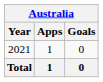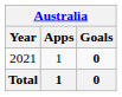 <table class="wikitable" style="text-align:center">
 <tr>
 <th colspan=3><a href='#'>Australia</a></th>
 </tr>
 <tr>
 <th>Year</th>
 <th>Apps</th>
 <th>Goals</th>
 </tr>
 <tr>
 <td>2021</td>
 <td>1</td>
-<td>0</td>
+<td><strong>0</strong></td>
 </tr>
 <tr>
 <th>Total</th>
 <th>1</th>
 <th>0</th>
 </tr>
 </table>
